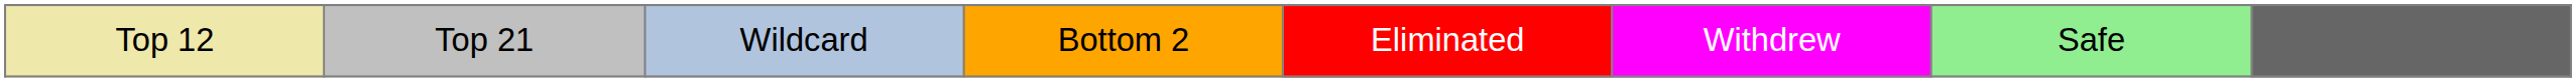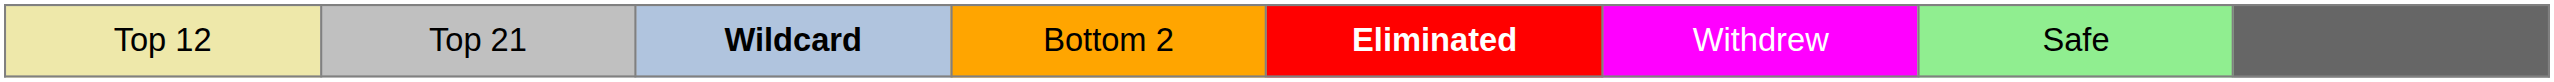 <table border="2" cellpadding="8" style="background:silver; border:1px solid gray; border-collapse:collapse; margin:0 1em 1em 0; text-align:center;">
 <tr>
 </tr>
 <tr>
 <td style="background:palegoldenrod;" width="7%">Top 12</td>
 <td width="7%">Top 21</td>
-<td style="background:lightsteelblue;" width="7%">Wildcard</td>
+<td style="background:lightsteelblue;" width="7%"><strong>Wildcard</strong></td>
 <td style="background:orange;" width="7%">Bottom 2</td>
-<td style="background:red; color:white;" width="7%">Eliminated</td>
+<td style="background:red; color:white;" width="7%"><strong>Eliminated</strong></td>
 <td style="background:magenta; color:white;" width="7%">Withdrew</td>
 <td style="background:lightgreen;" width="7%">Safe</td>
 <td style="background:#666666;" width="7%"><br></td>
 </tr>
 </table>
